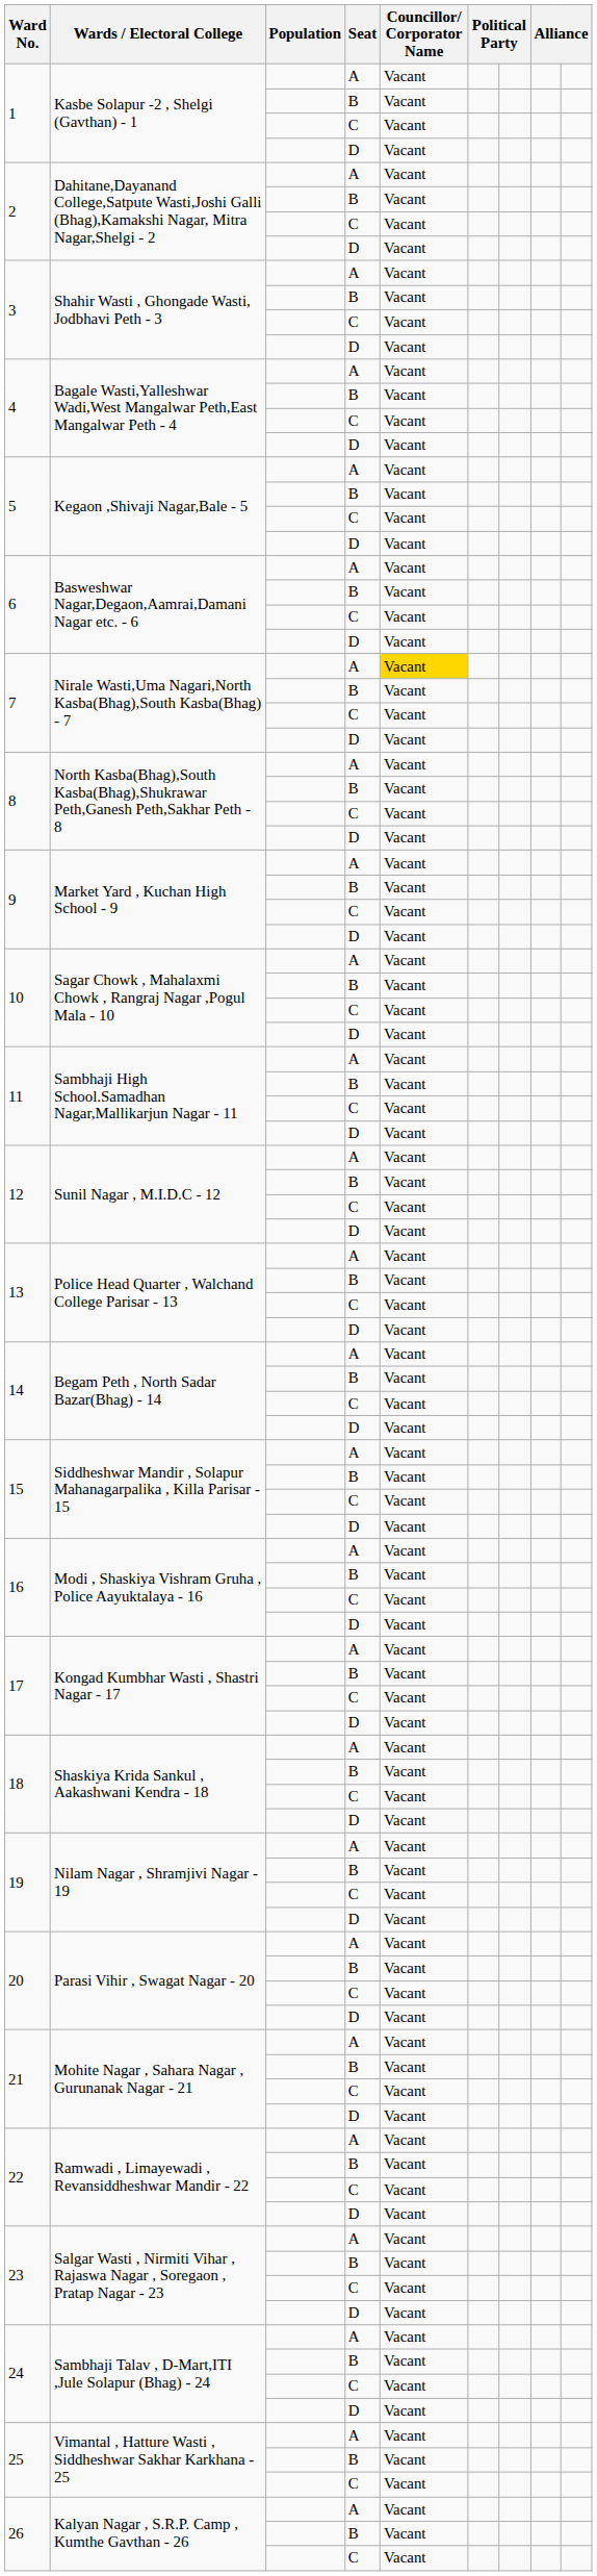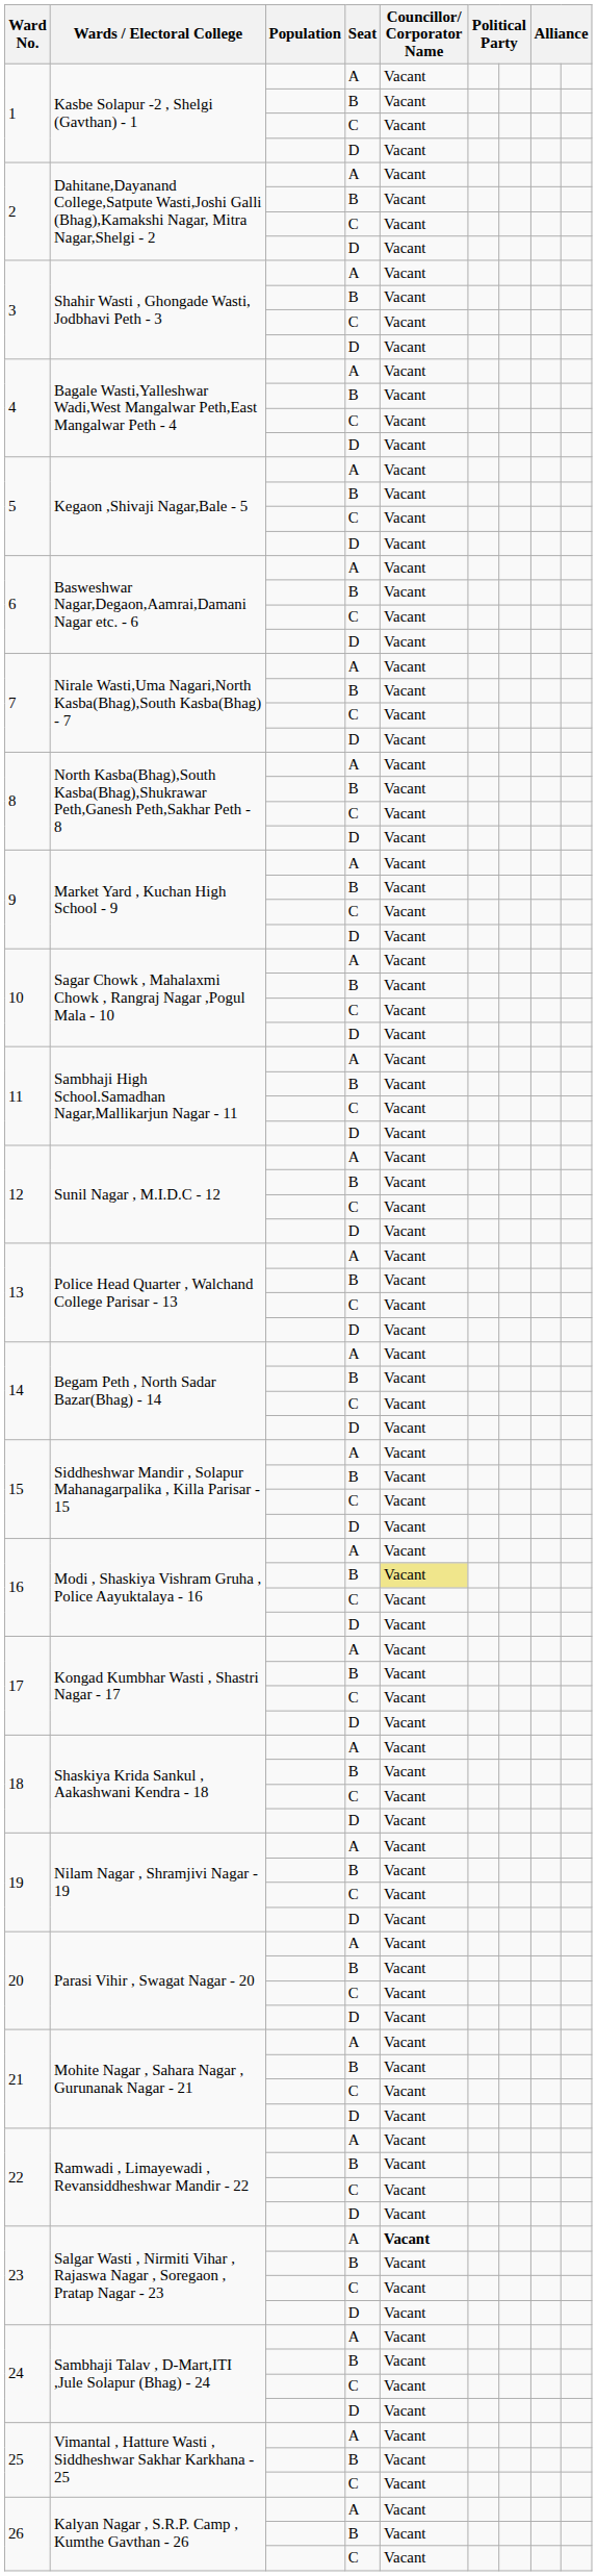 <table class="wikitable">
 <tr>
 <th>Ward No.</th>
 <th>Wards / Electoral College</th>
 <th>Population</th>
 <th>Seat</th>
 <th>Councillor/ Corporator Name</th>
 <th colspan="2">Political Party</th>
 <th colspan="2">Alliance</th>
 </tr>
 <tr>
 <td rowspan="4">1</td>
 <td rowspan="4">Kasbe Solapur -2 , Shelgi (Gavthan) - 1</td>
 <td></td>
 <td>A</td>
 <td>Vacant</td>
 <td></td>
 <td></td>
 <td></td>
 <td></td>
 </tr>
 <tr>
 <td></td>
 <td>B</td>
 <td>Vacant</td>
 <td></td>
 <td></td>
 <td></td>
 <td></td>
 </tr>
 <tr>
 <td></td>
 <td>C</td>
 <td>Vacant</td>
 <td></td>
 <td></td>
 <td></td>
 <td></td>
 </tr>
 <tr>
 <td></td>
 <td>D</td>
 <td>Vacant</td>
 <td></td>
 <td></td>
 <td></td>
 <td></td>
 </tr>
 <tr>
 <td rowspan="4">2</td>
 <td rowspan="4">Dahitane,Dayanand College,Satpute Wasti,Joshi Galli (Bhag),Kamakshi Nagar, Mitra Nagar,Shelgi - 2</td>
 <td></td>
 <td>A</td>
 <td>Vacant</td>
 <td></td>
 <td></td>
 <td></td>
 <td></td>
 </tr>
 <tr>
 <td></td>
 <td>B</td>
 <td>Vacant</td>
 <td></td>
 <td></td>
 <td></td>
 <td></td>
 </tr>
 <tr>
 <td></td>
 <td>C</td>
 <td>Vacant</td>
 <td></td>
 <td></td>
 <td></td>
 <td></td>
 </tr>
 <tr>
 <td></td>
 <td>D</td>
 <td>Vacant</td>
 <td></td>
 <td></td>
 <td></td>
 <td></td>
 </tr>
 <tr>
 <td rowspan="4">3</td>
 <td rowspan="4">Shahir Wasti , Ghongade Wasti,  Jodbhavi Peth - 3</td>
 <td></td>
 <td>A</td>
 <td>Vacant</td>
 <td></td>
 <td></td>
 <td></td>
 <td></td>
 </tr>
 <tr>
 <td></td>
 <td>B</td>
 <td>Vacant</td>
 <td></td>
 <td></td>
 <td></td>
 <td></td>
 </tr>
 <tr>
 <td></td>
 <td>C</td>
 <td>Vacant</td>
 <td></td>
 <td></td>
 <td></td>
 <td></td>
 </tr>
 <tr>
 <td></td>
 <td>D</td>
 <td>Vacant</td>
 <td></td>
 <td></td>
 <td></td>
 <td></td>
 </tr>
 <tr>
 <td rowspan="4">4</td>
 <td rowspan="4">Bagale Wasti,Yalleshwar Wadi,West Mangalwar Peth,East Mangalwar Peth - 4</td>
 <td></td>
 <td>A</td>
 <td>Vacant</td>
 <td></td>
 <td></td>
 <td></td>
 <td></td>
 </tr>
 <tr>
 <td></td>
 <td>B</td>
 <td>Vacant</td>
 <td></td>
 <td></td>
 <td></td>
 <td></td>
 </tr>
 <tr>
 <td></td>
 <td>C</td>
 <td>Vacant</td>
 <td></td>
 <td></td>
 <td></td>
 <td></td>
 </tr>
 <tr>
 <td></td>
 <td>D</td>
 <td>Vacant</td>
 <td></td>
 <td></td>
 <td></td>
 <td></td>
 </tr>
 <tr>
 <td rowspan="4">5</td>
 <td rowspan="4">Kegaon ,Shivaji Nagar,Bale - 5</td>
 <td></td>
 <td>A</td>
 <td>Vacant</td>
 <td></td>
 <td></td>
 <td></td>
 <td></td>
 </tr>
 <tr>
 <td></td>
 <td>B</td>
 <td>Vacant</td>
 <td></td>
 <td></td>
 <td></td>
 <td></td>
 </tr>
 <tr>
 <td></td>
 <td>C</td>
 <td>Vacant</td>
 <td></td>
 <td></td>
 <td></td>
 <td></td>
 </tr>
 <tr>
 <td></td>
 <td>D</td>
 <td>Vacant</td>
 <td></td>
 <td></td>
 <td></td>
 <td></td>
 </tr>
 <tr>
 <td rowspan="4">6</td>
 <td rowspan="4">Basweshwar Nagar,Degaon,Aamrai,Damani Nagar etc. - 6</td>
 <td></td>
 <td>A</td>
 <td>Vacant</td>
 <td></td>
 <td></td>
 <td></td>
 <td></td>
 </tr>
 <tr>
 <td></td>
 <td>B</td>
 <td>Vacant</td>
 <td></td>
 <td></td>
 <td></td>
 <td></td>
 </tr>
 <tr>
 <td></td>
 <td>C</td>
 <td>Vacant</td>
 <td></td>
 <td></td>
 <td></td>
 <td></td>
 </tr>
 <tr>
 <td></td>
 <td>D</td>
 <td>Vacant</td>
 <td></td>
 <td></td>
 <td></td>
 <td></td>
 </tr>
 <tr>
 <td rowspan="4">7</td>
 <td rowspan="4">Nirale Wasti,Uma Nagari,North Kasba(Bhag),South Kasba(Bhag) - 7</td>
 <td></td>
 <td>A</td>
-<td style="background: gold;">Vacant</td>
+<td>Vacant</td>
 <td></td>
 <td></td>
 <td></td>
 <td></td>
 </tr>
 <tr>
 <td></td>
 <td>B</td>
 <td>Vacant</td>
 <td></td>
 <td></td>
 <td></td>
 <td></td>
 </tr>
 <tr>
 <td></td>
 <td>C</td>
 <td>Vacant</td>
 <td></td>
 <td></td>
 <td></td>
 <td></td>
 </tr>
 <tr>
 <td></td>
 <td>D</td>
 <td>Vacant</td>
 <td></td>
 <td></td>
 <td></td>
 <td></td>
 </tr>
 <tr>
 <td rowspan="4">8</td>
 <td rowspan="4">North Kasba(Bhag),South Kasba(Bhag),Shukrawar Peth,Ganesh Peth,Sakhar Peth - 8</td>
 <td></td>
 <td>A</td>
 <td>Vacant</td>
 <td></td>
 <td></td>
 <td></td>
 <td></td>
 </tr>
 <tr>
 <td></td>
 <td>B</td>
 <td>Vacant</td>
 <td></td>
 <td></td>
 <td></td>
 <td></td>
 </tr>
 <tr>
 <td></td>
 <td>C</td>
 <td>Vacant</td>
 <td></td>
 <td></td>
 <td></td>
 <td></td>
 </tr>
 <tr>
 <td></td>
 <td>D</td>
 <td>Vacant</td>
 <td></td>
 <td></td>
 <td></td>
 <td></td>
 </tr>
 <tr>
 <td rowspan="4">9</td>
 <td rowspan="4">Market Yard , Kuchan High School - 9</td>
 <td></td>
 <td>A</td>
 <td>Vacant</td>
 <td></td>
 <td></td>
 <td></td>
 <td></td>
 </tr>
 <tr>
 <td></td>
 <td>B</td>
 <td>Vacant</td>
 <td></td>
 <td></td>
 <td></td>
 <td></td>
 </tr>
 <tr>
 <td></td>
 <td>C</td>
 <td>Vacant</td>
 <td></td>
 <td></td>
 <td></td>
 <td></td>
 </tr>
 <tr>
 <td></td>
 <td>D</td>
 <td>Vacant</td>
 <td></td>
 <td></td>
 <td></td>
 <td></td>
 </tr>
 <tr>
 <td rowspan="4">10</td>
 <td rowspan="4">Sagar Chowk , Mahalaxmi Chowk , Rangraj Nagar ,Pogul Mala - 10</td>
 <td></td>
 <td>A</td>
 <td>Vacant</td>
 <td></td>
 <td></td>
 <td></td>
 <td></td>
 </tr>
 <tr>
 <td></td>
 <td>B</td>
 <td>Vacant</td>
 <td></td>
 <td></td>
 <td></td>
 <td></td>
 </tr>
 <tr>
 <td></td>
 <td>C</td>
 <td>Vacant</td>
 <td></td>
 <td></td>
 <td></td>
 <td></td>
 </tr>
 <tr>
 <td></td>
 <td>D</td>
 <td>Vacant</td>
 <td></td>
 <td></td>
 <td></td>
 <td></td>
 </tr>
 <tr>
 <td rowspan="4">11</td>
 <td rowspan="4">Sambhaji High School.Samadhan Nagar,Mallikarjun Nagar - 11</td>
 <td></td>
 <td>A</td>
 <td>Vacant</td>
 <td></td>
 <td></td>
 <td></td>
 <td></td>
 </tr>
 <tr>
 <td></td>
 <td>B</td>
 <td>Vacant</td>
 <td></td>
 <td></td>
 <td></td>
 <td></td>
 </tr>
 <tr>
 <td></td>
 <td>C</td>
 <td>Vacant</td>
 <td></td>
 <td></td>
 <td></td>
 <td></td>
 </tr>
 <tr>
 <td></td>
 <td>D</td>
 <td>Vacant</td>
 <td></td>
 <td></td>
 <td></td>
 <td></td>
 </tr>
 <tr>
 <td rowspan="4">12</td>
 <td rowspan="4">Sunil Nagar , M.I.D.C - 12</td>
 <td></td>
 <td>A</td>
 <td>Vacant</td>
 <td></td>
 <td></td>
 <td></td>
 <td></td>
 </tr>
 <tr>
 <td></td>
 <td>B</td>
 <td>Vacant</td>
 <td></td>
 <td></td>
 <td></td>
 <td></td>
 </tr>
 <tr>
 <td></td>
 <td>C</td>
 <td>Vacant</td>
 <td></td>
 <td></td>
 <td></td>
 <td></td>
 </tr>
 <tr>
 <td></td>
 <td>D</td>
 <td>Vacant</td>
 <td></td>
 <td></td>
 <td></td>
 <td></td>
 </tr>
 <tr>
 <td rowspan="4">13</td>
 <td rowspan="4">Police Head Quarter , Walchand College Parisar - 13</td>
 <td></td>
 <td>A</td>
 <td>Vacant</td>
 <td></td>
 <td></td>
 <td></td>
 <td></td>
 </tr>
 <tr>
 <td></td>
 <td>B</td>
 <td>Vacant</td>
 <td></td>
 <td></td>
 <td></td>
 <td></td>
 </tr>
 <tr>
 <td></td>
 <td>C</td>
 <td>Vacant</td>
 <td></td>
 <td></td>
 <td></td>
 <td></td>
 </tr>
 <tr>
 <td></td>
 <td>D</td>
 <td>Vacant</td>
 <td></td>
 <td></td>
 <td></td>
 <td></td>
 </tr>
 <tr>
 <td rowspan="4">14</td>
 <td rowspan="4">Begam Peth , North Sadar Bazar(Bhag) - 14</td>
 <td></td>
 <td>A</td>
 <td>Vacant</td>
 <td></td>
 <td></td>
 <td></td>
 <td></td>
 </tr>
 <tr>
 <td></td>
 <td>B</td>
 <td>Vacant</td>
 <td></td>
 <td></td>
 <td></td>
 <td></td>
 </tr>
 <tr>
 <td></td>
 <td>C</td>
 <td>Vacant</td>
 <td></td>
 <td></td>
 <td></td>
 <td></td>
 </tr>
 <tr>
 <td></td>
 <td>D</td>
 <td>Vacant</td>
 <td></td>
 <td></td>
 <td></td>
 <td></td>
 </tr>
 <tr>
 <td rowspan="4">15</td>
 <td rowspan="4">Siddheshwar Mandir , Solapur Mahanagarpalika , Killa Parisar - 15</td>
 <td></td>
 <td>A</td>
 <td>Vacant</td>
 <td></td>
 <td></td>
 <td></td>
 <td></td>
 </tr>
 <tr>
 <td></td>
 <td>B</td>
 <td>Vacant</td>
 <td></td>
 <td></td>
 <td></td>
 <td></td>
 </tr>
 <tr>
 <td></td>
 <td>C</td>
 <td>Vacant</td>
 <td></td>
 <td></td>
 <td></td>
 <td></td>
 </tr>
 <tr>
 <td></td>
 <td>D</td>
 <td>Vacant</td>
 <td></td>
 <td></td>
 <td></td>
 <td></td>
 </tr>
 <tr>
 <td rowspan="4">16</td>
 <td rowspan="4">Modi , Shaskiya Vishram Gruha , Police Aayuktalaya - 16</td>
 <td></td>
 <td>A</td>
 <td>Vacant</td>
 <td></td>
 <td></td>
 <td></td>
 <td></td>
 </tr>
 <tr>
 <td></td>
 <td>B</td>
-<td>Vacant</td>
+<td style="background: khaki;">Vacant</td>
 <td></td>
 <td></td>
 <td></td>
 <td></td>
 </tr>
 <tr>
 <td></td>
 <td>C</td>
 <td>Vacant</td>
 <td></td>
 <td></td>
 <td></td>
 <td></td>
 </tr>
 <tr>
 <td></td>
 <td>D</td>
 <td>Vacant</td>
 <td></td>
 <td></td>
 <td></td>
 <td></td>
 </tr>
 <tr>
 <td rowspan="4">17</td>
 <td rowspan="4">Kongad Kumbhar Wasti , Shastri Nagar - 17</td>
 <td></td>
 <td>A</td>
 <td>Vacant</td>
 <td></td>
 <td></td>
 <td></td>
 <td></td>
 </tr>
 <tr>
 <td></td>
 <td>B</td>
 <td>Vacant</td>
 <td></td>
 <td></td>
 <td></td>
 <td></td>
 </tr>
 <tr>
 <td></td>
 <td>C</td>
 <td>Vacant</td>
 <td></td>
 <td></td>
 <td></td>
 <td></td>
 </tr>
 <tr>
 <td></td>
 <td>D</td>
 <td>Vacant</td>
 <td></td>
 <td></td>
 <td></td>
 <td></td>
 </tr>
 <tr>
 <td rowspan="4">18</td>
 <td rowspan="4">Shaskiya Krida Sankul , Aakashwani Kendra - 18</td>
 <td></td>
 <td>A</td>
 <td>Vacant</td>
 <td></td>
 <td></td>
 <td></td>
 <td></td>
 </tr>
 <tr>
 <td></td>
 <td>B</td>
 <td>Vacant</td>
 <td></td>
 <td></td>
 <td></td>
 <td></td>
 </tr>
 <tr>
 <td></td>
 <td>C</td>
 <td>Vacant</td>
 <td></td>
 <td></td>
 <td></td>
 <td></td>
 </tr>
 <tr>
 <td></td>
 <td>D</td>
 <td>Vacant</td>
 <td></td>
 <td></td>
 <td></td>
 <td></td>
 </tr>
 <tr>
 <td rowspan="4">19</td>
 <td rowspan="4">Nilam Nagar , Shramjivi Nagar - 19</td>
 <td></td>
 <td>A</td>
 <td>Vacant</td>
 <td></td>
 <td></td>
 <td></td>
 <td></td>
 </tr>
 <tr>
 <td></td>
 <td>B</td>
 <td>Vacant</td>
 <td></td>
 <td></td>
 <td></td>
 <td></td>
 </tr>
 <tr>
 <td></td>
 <td>C</td>
 <td>Vacant</td>
 <td></td>
 <td></td>
 <td></td>
 <td></td>
 </tr>
 <tr>
 <td></td>
 <td>D</td>
 <td>Vacant</td>
 <td></td>
 <td></td>
 <td></td>
 <td></td>
 </tr>
 <tr>
 <td rowspan="4">20</td>
 <td rowspan="4">Parasi Vihir , Swagat Nagar - 20</td>
 <td></td>
 <td>A</td>
 <td>Vacant</td>
 <td></td>
 <td></td>
 <td></td>
 <td></td>
 </tr>
 <tr>
 <td></td>
 <td>B</td>
 <td>Vacant</td>
 <td></td>
 <td></td>
 <td></td>
 <td></td>
 </tr>
 <tr>
 <td></td>
 <td>C</td>
 <td>Vacant</td>
 <td></td>
 <td></td>
 <td></td>
 <td></td>
 </tr>
 <tr>
 <td></td>
 <td>D</td>
 <td>Vacant</td>
 <td></td>
 <td></td>
 <td></td>
 <td></td>
 </tr>
 <tr>
 <td rowspan="4">21</td>
 <td rowspan="4">Mohite Nagar , Sahara Nagar , Gurunanak Nagar - 21</td>
 <td></td>
 <td>A</td>
 <td>Vacant</td>
 <td></td>
 <td></td>
 <td></td>
 <td></td>
 </tr>
 <tr>
 <td></td>
 <td>B</td>
 <td>Vacant</td>
 <td></td>
 <td></td>
 <td></td>
 <td></td>
 </tr>
 <tr>
 <td></td>
 <td>C</td>
 <td>Vacant</td>
 <td></td>
 <td></td>
 <td></td>
 <td></td>
 </tr>
 <tr>
 <td></td>
 <td>D</td>
 <td>Vacant</td>
 <td></td>
 <td></td>
 <td></td>
 <td></td>
 </tr>
 <tr>
 <td rowspan="4">22</td>
 <td rowspan="4">Ramwadi , Limayewadi , Revansiddheshwar Mandir - 22</td>
 <td></td>
 <td>A</td>
 <td>Vacant</td>
 <td></td>
 <td></td>
 <td></td>
 <td></td>
 </tr>
 <tr>
 <td></td>
 <td>B</td>
 <td>Vacant</td>
 <td></td>
 <td></td>
 <td></td>
 <td></td>
 </tr>
 <tr>
 <td></td>
 <td>C</td>
 <td>Vacant</td>
 <td></td>
 <td></td>
 <td></td>
 <td></td>
 </tr>
 <tr>
 <td></td>
 <td>D</td>
 <td>Vacant</td>
 <td></td>
 <td></td>
 <td></td>
 <td></td>
 </tr>
 <tr>
 <td rowspan="4">23</td>
 <td rowspan="4">Salgar Wasti , Nirmiti Vihar , Rajaswa Nagar , Soregaon , Pratap Nagar - 23</td>
 <td></td>
 <td>A</td>
-<td>Vacant</td>
+<td><strong>Vacant</strong></td>
 <td></td>
 <td></td>
 <td></td>
 <td></td>
 </tr>
 <tr>
 <td></td>
 <td>B</td>
 <td>Vacant</td>
 <td></td>
 <td></td>
 <td></td>
 <td></td>
 </tr>
 <tr>
 <td></td>
 <td>C</td>
 <td>Vacant</td>
 <td></td>
 <td></td>
 <td></td>
 <td></td>
 </tr>
 <tr>
 <td></td>
 <td>D</td>
 <td>Vacant</td>
 <td></td>
 <td></td>
 <td></td>
 <td></td>
 </tr>
 <tr>
 <td rowspan="4">24</td>
 <td rowspan="4">Sambhaji Talav , D-Mart,ITI ,Jule Solapur (Bhag) - 24</td>
 <td></td>
 <td>A</td>
 <td>Vacant</td>
 <td></td>
 <td></td>
 <td></td>
 <td></td>
 </tr>
 <tr>
 <td></td>
 <td>B</td>
 <td>Vacant</td>
 <td></td>
 <td></td>
 <td></td>
 <td></td>
 </tr>
 <tr>
 <td></td>
 <td>C</td>
 <td>Vacant</td>
 <td></td>
 <td></td>
 <td></td>
 <td></td>
 </tr>
 <tr>
 <td></td>
 <td>D</td>
 <td>Vacant</td>
 <td></td>
 <td></td>
 <td></td>
 <td></td>
 </tr>
 <tr>
 <td rowspan="3">25</td>
 <td rowspan="3">Vimantal , Hatture Wasti , Siddheshwar Sakhar Karkhana - 25</td>
 <td></td>
 <td>A</td>
 <td>Vacant</td>
 <td></td>
 <td></td>
 <td></td>
 <td></td>
 </tr>
 <tr>
 <td></td>
 <td>B</td>
 <td>Vacant</td>
 <td></td>
 <td></td>
 <td></td>
 <td></td>
 </tr>
 <tr>
 <td></td>
 <td>C</td>
 <td>Vacant</td>
 <td></td>
 <td></td>
 <td></td>
 <td></td>
 </tr>
 <tr>
 <td rowspan="3">26</td>
 <td rowspan="3">Kalyan Nagar , S.R.P. Camp , Kumthe Gavthan - 26</td>
 <td></td>
 <td>A</td>
 <td>Vacant</td>
 <td></td>
 <td></td>
 <td></td>
 <td></td>
 </tr>
 <tr>
 <td></td>
 <td>B</td>
 <td>Vacant</td>
 <td></td>
 <td></td>
 <td></td>
 <td></td>
 </tr>
 <tr>
 <td></td>
 <td>C</td>
 <td>Vacant</td>
 <td></td>
 <td></td>
 <td></td>
 <td></td>
 </tr>
 </table>
